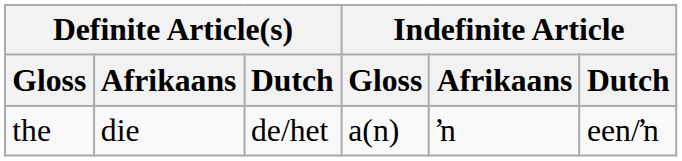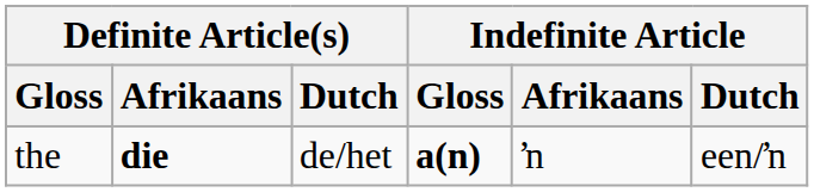 <table class="wikitable">
 <tr>
 <th colspan=3>Definite Article(s)</th>
 <th colspan=3>Indefinite Article</th>
 </tr>
 <tr>
 <th>Gloss</th>
 <th>Afrikaans</th>
 <th>Dutch</th>
 <th>Gloss</th>
 <th>Afrikaans</th>
 <th>Dutch</th>
 </tr>
 <tr>
 <td>the</td>
-<td>die</td>
+<td><strong>die</strong></td>
 <td>de/het</td>
-<td>a(n)</td>
+<td><strong>a(n)</strong></td>
 <td>ŉ</td>
 <td>een/ŉ</td>
 </tr>
 </table>
